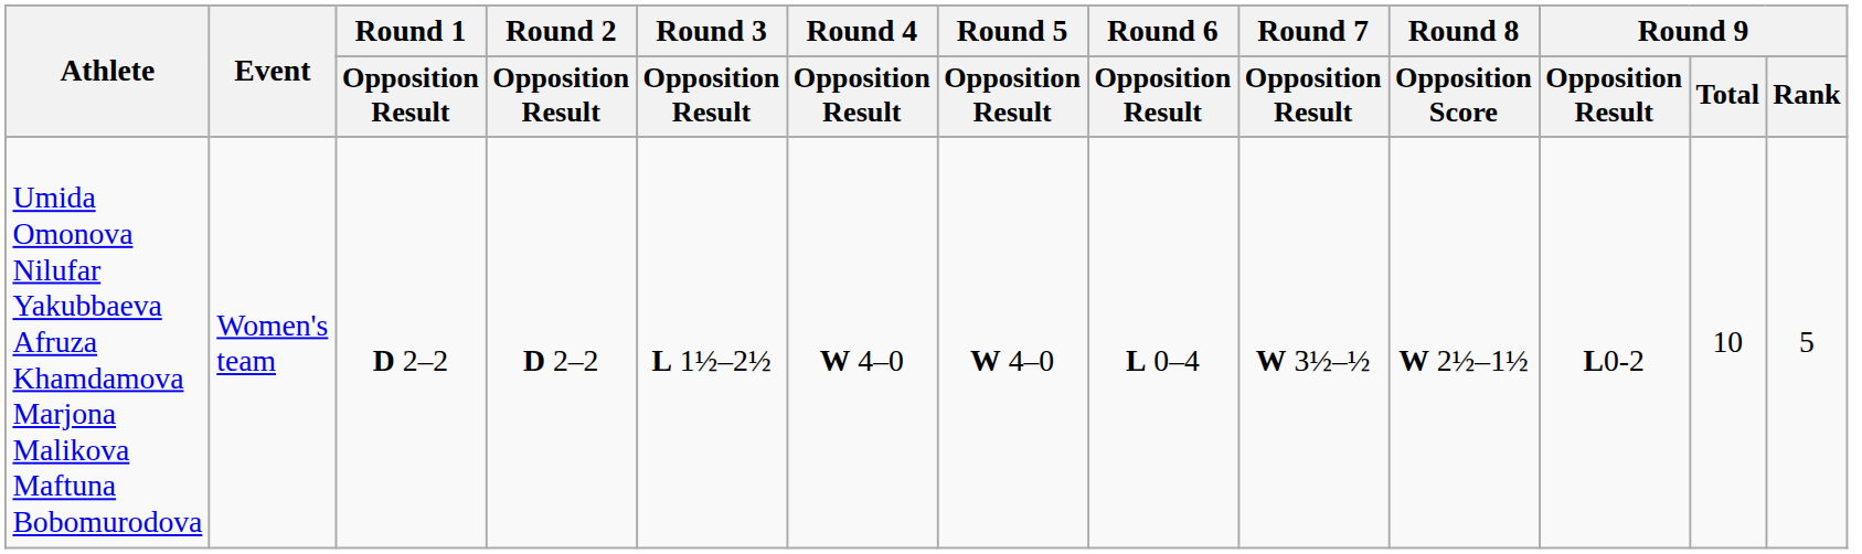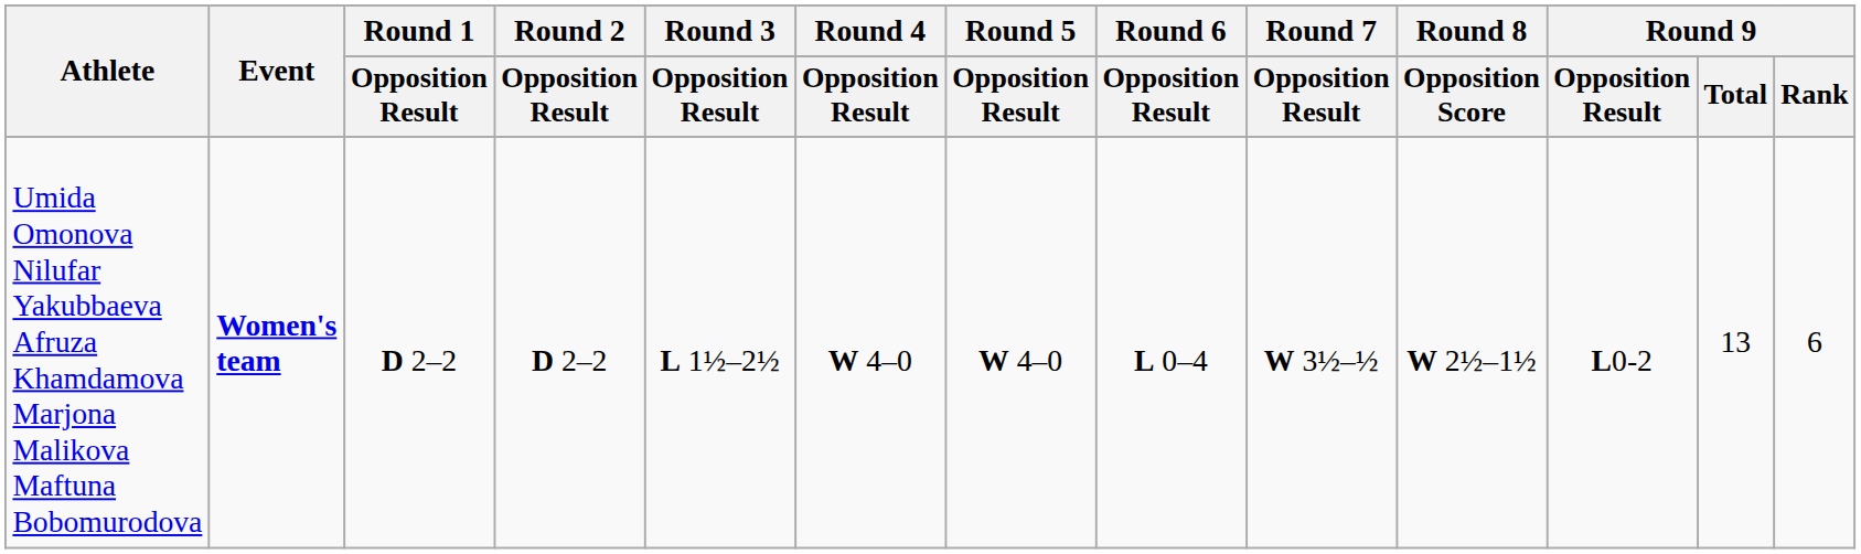 <table class=wikitable style=font-size:90%;text-align:center>
 <tr>
 <th rowspan="2">Athlete</th>
 <th rowspan="2">Event</th>
 <th>Round 1</th>
 <th>Round 2</th>
 <th>Round 3</th>
 <th>Round 4</th>
 <th>Round 5</th>
 <th>Round 6</th>
 <th>Round 7</th>
 <th>Round 8</th>
 <th colspan=3>Round 9</th>
 </tr>
 <tr style="font-size:95%">
 <th>Opposition<br>Result</th>
 <th>Opposition<br>Result</th>
 <th>Opposition<br>Result</th>
 <th>Opposition<br>Result</th>
 <th>Opposition<br>Result</th>
 <th>Opposition<br>Result</th>
 <th>Opposition<br>Result</th>
 <th>Opposition<br>Score</th>
 <th>Opposition<br>Result</th>
 <th>Total</th>
 <th>Rank</th>
 </tr>
 <tr>
 <td align=left><br><a href='#'>Umida Omonova</a><br><a href='#'>Nilufar Yakubbaeva</a><br><a href='#'>Afruza Khamdamova</a><br><a href='#'>Marjona Malikova</a><br><a href='#'>Maftuna Bobomurodova</a></td>
-<td align=left><a href='#'>Women's team</a></td>
+<td align=left><strong><a href='#'>Women's team</a></strong></td>
 <td><br><strong>D</strong> 2–2</td>
 <td><br><strong>D</strong> 2–2</td>
 <td><br><strong>L</strong> 1½–2½</td>
 <td><br><strong>W</strong> 4–0</td>
 <td><br><strong>W</strong> 4–0</td>
 <td><br><strong>L</strong> 0–4</td>
 <td><br><strong>W</strong> 3½–½</td>
 <td><br><strong>W</strong> 2½–1½</td>
 <td><br><strong>L</strong>0-2</td>
-<td>10</td>
-<td>5</td>
+<td>13</td>
+<td>6</td>
 </tr>
 </table>
